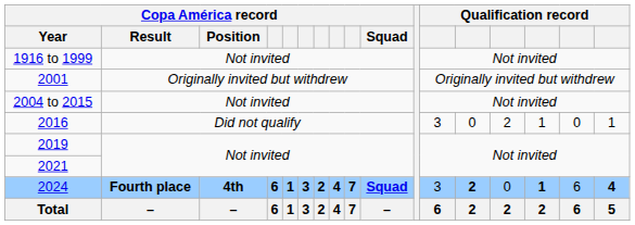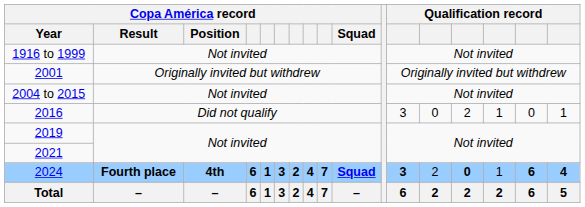 <table class="wikitable" style="text-align: center;">
 <tr>
 <th colspan="10"><a href='#'>Copa América</a> record</th>
 <th width=1% rowspan=10></th>
 <th colspan=7>Qualification record</th>
 </tr>
 <tr>
 <th>Year</th>
 <th>Result</th>
 <th>Position</th>
 <th></th>
 <th></th>
 <th></th>
 <th></th>
 <th></th>
 <th></th>
 <th>Squad</th>
 <th></th>
 <th></th>
 <th></th>
 <th></th>
 <th></th>
 <th></th>
 </tr>
 <tr>
 <td> <a href='#'>1916</a> to  <a href='#'>1999</a></td>
 <td colspan="9"><em>Not invited</em></td>
 <td colspan="6"><em>Not invited</em></td>
 </tr>
 <tr>
 <td> <a href='#'>2001</a></td>
 <td colspan="9"><em>Originally invited but withdrew</em></td>
 <td colspan="6"><em>Originally invited but withdrew</em></td>
 </tr>
 <tr>
 <td> <a href='#'>2004</a> to  <a href='#'>2015</a></td>
 <td colspan="9"><em>Not invited</em></td>
 <td colspan="6"><em>Not invited</em></td>
 </tr>
 <tr>
 <td> <a href='#'>2016</a></td>
 <td colspan="9"><em>Did not qualify</em></td>
 <td>3</td>
 <td>0</td>
 <td>2</td>
 <td>1</td>
 <td>0</td>
 <td>1</td>
 </tr>
 <tr>
 <td> <a href='#'>2019</a></td>
 <td colspan="9" rowspan="2"><em>Not invited</em></td>
 <td colspan="6" rowspan="2"><em>Not invited</em></td>
 </tr>
 <tr>
 <td> <a href='#'>2021</a></td>
 </tr>
 <tr style="background:#9acdff;">
 <td> <a href='#'>2024</a></td>
 <td><strong>Fourth place</strong></td>
 <td><strong>4th</strong></td>
 <td><strong>6</strong></td>
 <td><strong>1</strong></td>
 <td><strong>3</strong></td>
 <td><strong>2</strong></td>
 <td><strong>4</strong></td>
 <td><strong>7</strong></td>
 <td><strong><a href='#'>Squad</a></strong></td>
-<td>3 </td>
-<td><strong>2</strong></td>
-<td>0</td>
-<td><strong>1</strong></td>
-<td>6</td>
+<td><strong>3 </strong></td>
+<td>2</td>
+<td><strong>0</strong></td>
+<td>1</td>
+<td><strong>6</strong></td>
 <td><strong>4</strong></td>
 </tr>
 <tr>
 <th>Total</th>
 <th>–</th>
 <th>–</th>
 <th>6</th>
 <th>1</th>
 <th>3</th>
 <th>2</th>
 <th>4</th>
 <th>7</th>
 <th>–</th>
 <th>6</th>
 <th>2</th>
 <th>2</th>
 <th>2</th>
 <th>6</th>
 <th>5</th>
 </tr>
 </table>
